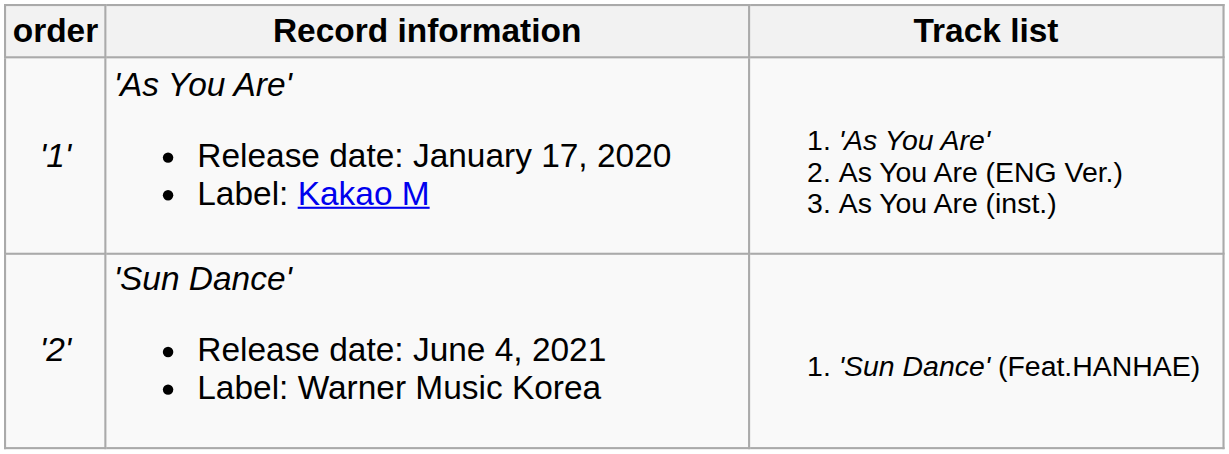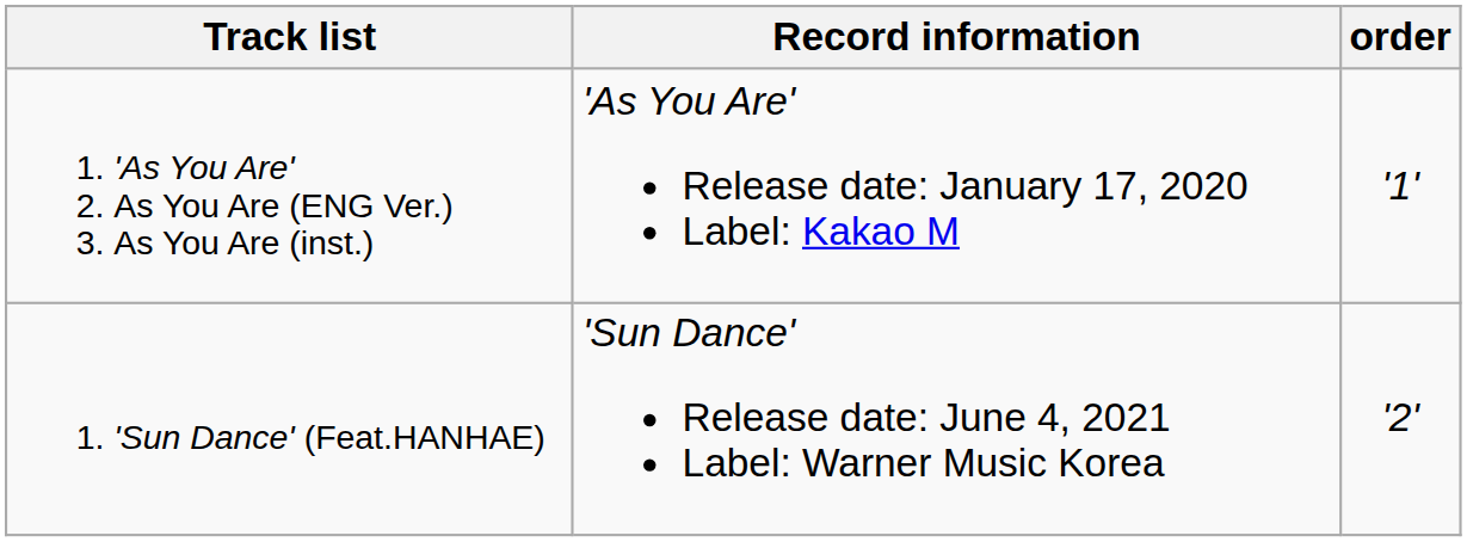 <table class = "wikitable">
 <tr>
+<th align="left" width="220px">Track list</th>
+<th align="left" width="300px">Record information</th>
 <th align = "left">order</th>
-<th align="left" width="300px">Record information</th>
-<th align="left" width="220px">Track list</th>
 </tr>
 <tr>
+<td align = "left" style = "font-size: 85%;"><br><ol><li><em> 'As You Are' </em></li><li>As You Are (ENG Ver.)</li><li>As You Are (inst.)</li></ol></td>
+<td align = "left"><em> 'As You Are' </em><br><ul><li>Release date: January 17, 2020</li><li>Label: <a href='#'>Kakao M</a></li></ul></td>
 <td align = "center"><em> '1' </em></td>
-<td align = "left"><em> 'As You Are' </em><br><ul><li>Release date: January 17, 2020</li><li>Label: <a href='#'>Kakao M</a></li></ul></td>
-<td align = "left" style = "font-size: 85%;"><br><ol><li><em> 'As You Are' </em></li><li>As You Are (ENG Ver.)</li><li>As You Are (inst.)</li></ol></td>
 </tr>
 <tr>
+<td align = "left" style = "font-size: 85%;"><br><ol><li><em> 'Sun Dance' </em> (Feat.HANHAE)</li></ol></td>
+<td align = "left"><em> 'Sun Dance' </em><br><ul><li>Release date: June 4, 2021</li><li>Label: Warner Music Korea</li></ul></td>
 <td align = "center"><em> '2' </em></td>
-<td align = "left"><em> 'Sun Dance' </em><br><ul><li>Release date: June 4, 2021</li><li>Label: Warner Music Korea</li></ul></td>
-<td align = "left" style = "font-size: 85%;"><br><ol><li><em> 'Sun Dance' </em> (Feat.HANHAE)</li></ol></td>
 </tr>
 </table>
